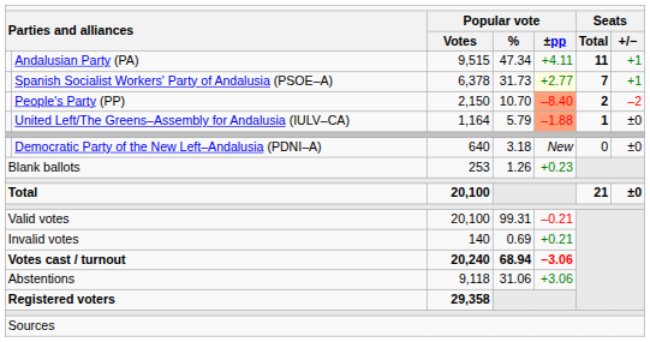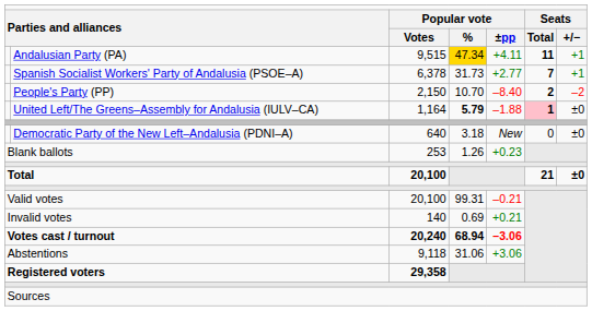 <table class="wikitable" style="text-align:right;">
 <tr>
 <td colspan="7"></td>
 </tr>
 <tr>
 <th style="text-align:left;" rowspan="2" colspan="2" width="525">Parties and alliances</th>
 <th colspan="3">Popular vote</th>
 <th colspan="2">Seats</th>
 </tr>
 <tr>
 <th width="75">Votes</th>
 <th width="45">%</th>
 <th width="45">±<a href='#'>pp</a></th>
 <th width="35">Total</th>
 <th width="35">+/−</th>
 </tr>
 <tr>
 <td width="1" style="color:inherit;background:"></td>
 <td align="left"><a href='#'>Andalusian Party</a> (PA)</td>
 <td>9,515</td>
-<td>47.34</td>
+<td style="background: gold;">47.34</td>
 <td style="color:green;">+4.11</td>
 <td><strong>11</strong></td>
 <td style="color:green;">+1</td>
 </tr>
 <tr>
 <td style="color:inherit;background:"></td>
 <td align="left"><a href='#'>Spanish Socialist Workers' Party of Andalusia</a> (PSOE–A)</td>
 <td>6,378</td>
 <td>31.73</td>
-<td style="background: lightyellow; color:green;">+2.77</td>
+<td style="color:green;">+2.77</td>
 <td><strong>7</strong></td>
 <td style="color:green;">+1</td>
 </tr>
 <tr>
 <td style="color:inherit;background:"></td>
 <td align="left"><a href='#'>People's Party</a> (PP)</td>
 <td>2,150</td>
 <td>10.70</td>
-<td style="background: lightsalmon; color:red;">–8.40</td>
+<td style="color:red;">–8.40</td>
 <td><strong>2</strong></td>
 <td style="color:red;">–2</td>
 </tr>
 <tr>
 <td style="color:inherit;background:"></td>
 <td align="left"><a href='#'>United Left/The Greens–Assembly for Andalusia</a> (IULV–CA)</td>
 <td>1,164</td>
-<td>5.79</td>
-<td style="background: lightsalmon; color:red;">–1.88</td>
-<td><strong>1</strong></td>
+<td><strong>5.79</strong></td>
+<td style="color:red;">–1.88</td>
+<td style="background: pink;"><strong>1</strong></td>
 <td>±0</td>
 </tr>
 <tr>
 <td colspan="7" bgcolor="#C0C0C0"></td>
 </tr>
 <tr>
 <td style="color:inherit;background:"></td>
 <td align="left"><a href='#'>Democratic Party of the New Left–Andalusia</a> (PDNI–A)</td>
 <td>640</td>
 <td>3.18</td>
 <td><em>New</em></td>
 <td>0</td>
 <td>±0</td>
 </tr>
 <tr>
 <td align="left" colspan="2">Blank ballots</td>
 <td>253</td>
 <td>1.26</td>
 <td style="color:green;">+0.23</td>
 <td bgcolor="#E9E9E9" colspan="2"></td>
 </tr>
 <tr>
 <td colspan="7" bgcolor="#E9E9E9"></td>
 </tr>
 <tr style="font-weight:bold;">
 <td align="left" colspan="2">Total</td>
 <td>20,100</td>
 <td bgcolor="#E9E9E9" colspan="2"></td>
 <td>21</td>
 <td>±0</td>
 </tr>
 <tr>
 <td colspan="7" bgcolor="#E9E9E9"></td>
 </tr>
 <tr>
 <td align="left" colspan="2">Valid votes</td>
 <td>20,100</td>
 <td>99.31</td>
 <td style="color:red;">–0.21</td>
 <td bgcolor="#E9E9E9" colspan="2" rowspan="5"></td>
 </tr>
 <tr>
 <td align="left" colspan="2">Invalid votes</td>
 <td>140</td>
 <td>0.69</td>
 <td style="color:green;">+0.21</td>
 </tr>
 <tr style="font-weight:bold;">
 <td align="left" colspan="2">Votes cast / turnout</td>
 <td>20,240</td>
 <td>68.94</td>
 <td style="color:red;">–3.06</td>
 </tr>
 <tr>
 <td align="left" colspan="2">Abstentions</td>
 <td>9,118</td>
 <td>31.06</td>
 <td style="color:green;">+3.06</td>
 </tr>
 <tr style="font-weight:bold;">
 <td align="left" colspan="2">Registered voters</td>
 <td>29,358</td>
 <td bgcolor="#E9E9E9" colspan="2"></td>
 </tr>
 <tr>
 <td colspan="7" bgcolor="#E9E9E9"></td>
 </tr>
 <tr>
 <td align="left" colspan="7">Sources</td>
 </tr>
 </table>
